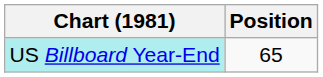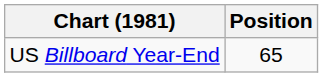 <table class="wikitable">
 <tr>
 <th scope="col">Chart (1981)</th>
 <th scope="col">Position</th>
 </tr>
 <tr>
-<td style="background: paleturquoise;">US <a href='#'><em>Billboard</em> Year-End</a></td>
+<td>US <a href='#'><em>Billboard</em> Year-End</a></td>
 <td colspan="2" style="text-align:center;">65</td>
 </tr>
 </table>
